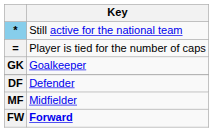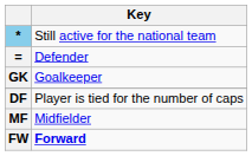 <table class="wikitable">
 <tr>
 <th></th>
 <th style="align: left" scope=col>Key</th>
 </tr>
 <tr>
 <th scope=row style="background:#87CEEB;">*</th>
 <td>Still <a href='#'>active for the national team</a></td>
 </tr>
 <tr>
 <th scope=row>=</th>
-<td>Player is tied for the number of caps</td>
+<td><a href='#'>Defender</a></td>
 </tr>
 <tr>
 <th scope=row>GK</th>
 <td><a href='#'>Goalkeeper</a></td>
 </tr>
 <tr>
 </tr>
 <tr>
 <th scope=row>DF</th>
-<td><a href='#'>Defender</a></td>
+<td>Player is tied for the number of caps</td>
 </tr>
 <tr>
 <th scope=row>MF</th>
 <td><a href='#'>Midfielder</a></td>
 </tr>
 <tr>
 <th scope=row>FW</th>
 <td><strong><a href='#'>Forward</a></strong></td>
 </tr>
 </table>
